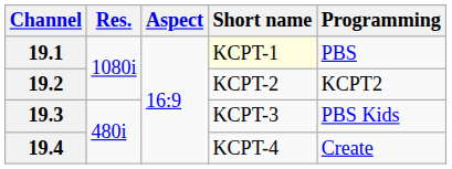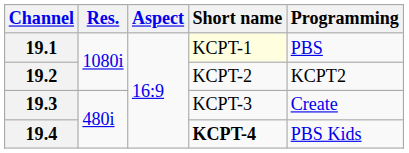 <table class="wikitable">
 <tr>
 <th scope = "col"><a href='#'>Channel</a></th>
 <th scope = "col"><a href='#'>Res.</a></th>
 <th scope = "col"><a href='#'>Aspect</a></th>
 <th scope = "col">Short name</th>
 <th scope = "col">Programming</th>
 </tr>
 <tr>
 <th scope = "row">19.1</th>
 <td rowspan=2><a href='#'>1080i</a></td>
 <td rowspan=4><a href='#'>16:9</a></td>
 <td style="background: lightyellow;">KCPT-1</td>
 <td><a href='#'>PBS</a></td>
 </tr>
 <tr>
 <th scope = "row">19.2</th>
 <td>KCPT-2</td>
 <td>KCPT2</td>
 </tr>
 <tr>
 <th scope = "row">19.3</th>
 <td rowspan=2><a href='#'>480i</a></td>
 <td>KCPT-3</td>
-<td><a href='#'>PBS Kids</a></td>
+<td><a href='#'>Create</a></td>
 </tr>
 <tr>
 <th scope = "row">19.4</th>
-<td>KCPT-4</td>
-<td><a href='#'>Create</a></td>
+<td><strong>KCPT-4</strong></td>
+<td><a href='#'>PBS Kids</a></td>
 </tr>
 </table>
